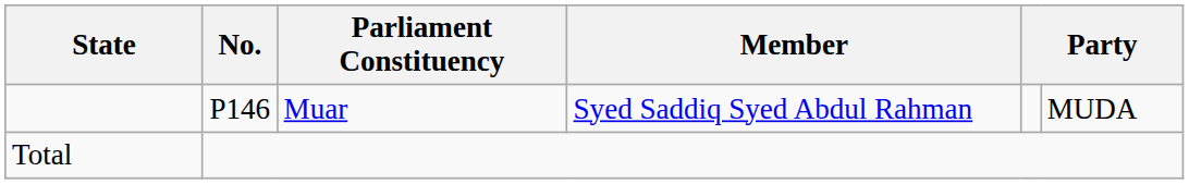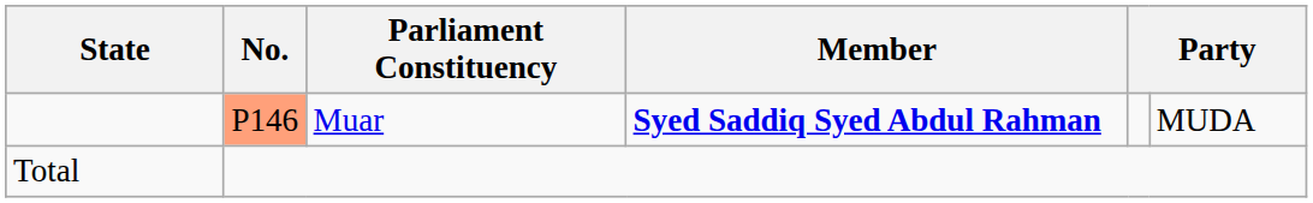 <table class ="wikitable sortable">
 <tr>
 <th style="width:100px;">State</th>
 <th style="width:30px;">No.</th>
 <th style="width:150px;">Parliament Constituency</th>
 <th style="width:240px;">Member</th>
 <th style="width:80px;" colspan=2>Party</th>
 </tr>
 <tr>
 <td></td>
-<td>P146</td>
+<td style="background: lightsalmon;">P146</td>
 <td><a href='#'>Muar</a></td>
-<td><a href='#'>Syed Saddiq Syed Abdul Rahman</a></td>
+<td><strong><a href='#'>Syed Saddiq Syed Abdul Rahman</a></strong></td>
 <td></td>
 <td>MUDA</td>
 </tr>
 <tr>
 <td>Total</td>
 <td style="width:30px;" colspan=6></td>
 </tr>
 </table>
